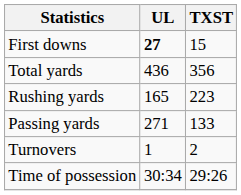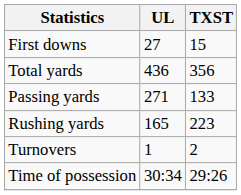 <table class="wikitable">
 <tr>
 <th>Statistics</th>
 <th>UL</th>
 <th>TXST</th>
 </tr>
 <tr>
 <td>First downs</td>
-<td><strong>27</strong></td>
+<td>27</td>
 <td>15</td>
 </tr>
 <tr>
 <td>Total yards</td>
 <td>436</td>
 <td>356</td>
 </tr>
 <tr>
+<td>Passing yards</td>
+<td>271</td>
+<td>133</td>
+</tr>
+<tr>
 <td>Rushing yards</td>
 <td>165</td>
 <td>223</td>
-</tr>
-<tr>
-<td>Passing yards</td>
-<td>271</td>
-<td>133</td>
 </tr>
 <tr>
 <td>Turnovers</td>
 <td>1</td>
 <td>2</td>
 </tr>
 <tr>
 <td>Time of possession</td>
 <td>30:34</td>
 <td>29:26</td>
 </tr>
 <tr>
 </tr>
 </table>
